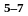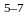 <table style="text-align:center">
 <tr>
 <th width=200></th>
 <th width=100></th>
 <th width=200></th>
 </tr>
 <tr>
 <td align=right></td>
-<td><strong>5–7</strong></td>
+<td>5–7</td>
 <td align=left><strong></strong></td>
 </tr>
 </table>
